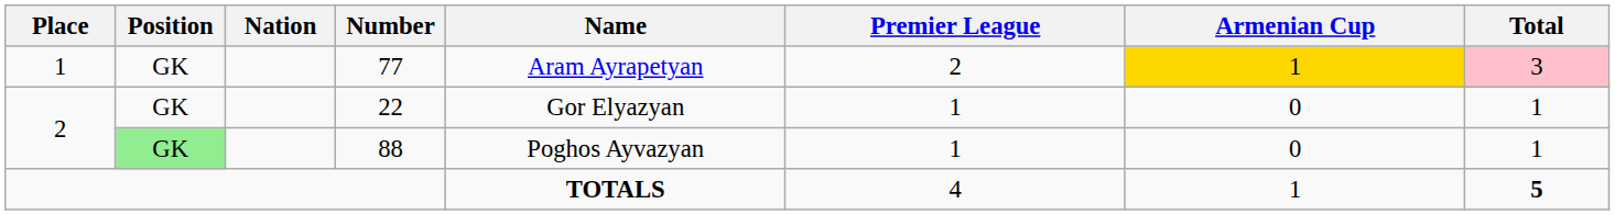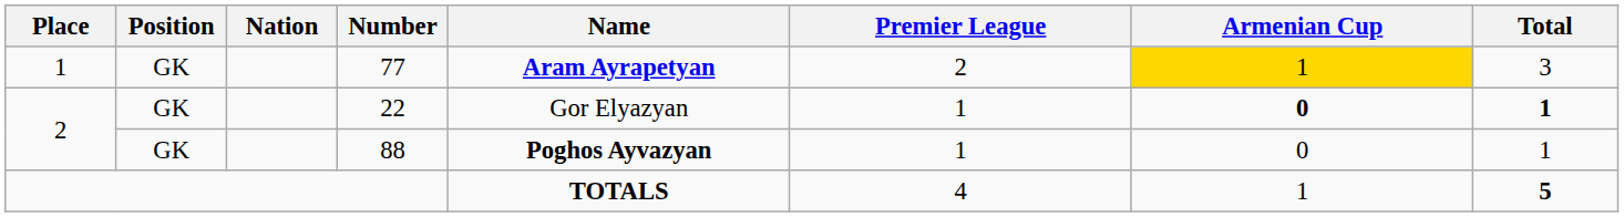 <table class="wikitable" style="font-size: 95%; text-align: center;">
 <tr>
 <th width=60>Place</th>
 <th width=60>Position</th>
 <th width=60>Nation</th>
 <th width=60>Number</th>
 <th width=200>Name</th>
 <th width=200><a href='#'>Premier League</a></th>
 <th width=200><a href='#'>Armenian Cup</a></th>
 <th width=80><strong>Total</strong></th>
 </tr>
 <tr>
 <td>1</td>
 <td>GK</td>
 <td></td>
 <td>77</td>
-<td><a href='#'>Aram Ayrapetyan</a></td>
+<td><strong><a href='#'>Aram Ayrapetyan</a></strong></td>
 <td>2</td>
 <td style="background: gold;">1</td>
-<td style="background: pink;">3</td>
+<td>3</td>
 </tr>
 <tr>
 <td rowspan="2">2</td>
 <td>GK</td>
 <td></td>
 <td>22</td>
 <td>Gor Elyazyan</td>
 <td>1</td>
-<td>0</td>
-<td>1</td>
+<td><strong>0</strong></td>
+<td><strong>1</strong></td>
 </tr>
 <tr>
-<td style="background: lightgreen;">GK</td>
+<td>GK</td>
 <td></td>
 <td>88</td>
-<td>Poghos Ayvazyan</td>
+<td><strong>Poghos Ayvazyan</strong></td>
 <td>1</td>
 <td>0</td>
 <td>1</td>
 </tr>
 <tr>
 <td colspan="4"></td>
 <td><strong>TOTALS</strong></td>
 <td>4</td>
 <td>1</td>
 <td><strong>5</strong></td>
 </tr>
 </table>
